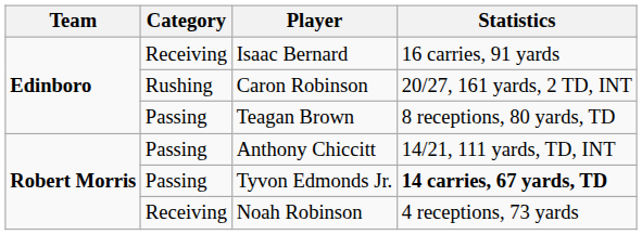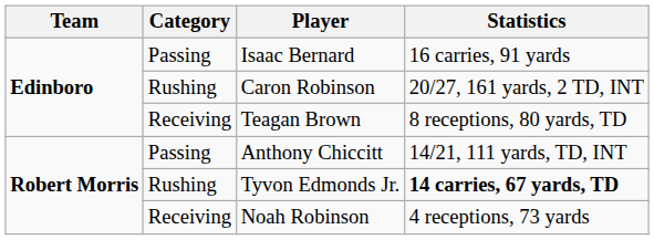 <table class="wikitable" style="float: right;">
 <tr>
 <th>Team</th>
 <th>Category</th>
 <th>Player</th>
 <th>Statistics</th>
 </tr>
 <tr>
 <td rowspan=3><strong>Edinboro</strong></td>
-<td>Receiving</td>
+<td>Passing</td>
 <td>Isaac Bernard</td>
 <td>16 carries, 91 yards</td>
 </tr>
 <tr>
 <td>Rushing</td>
 <td>Caron Robinson</td>
 <td>20/27, 161 yards, 2 TD, INT</td>
 </tr>
 <tr>
-<td>Passing</td>
+<td>Receiving</td>
 <td>Teagan Brown</td>
 <td>8 receptions, 80 yards, TD</td>
 </tr>
 <tr>
 <td rowspan=3><strong>Robert Morris</strong></td>
 <td>Passing</td>
 <td>Anthony Chiccitt</td>
 <td>14/21, 111 yards, TD, INT</td>
 </tr>
 <tr>
-<td>Passing</td>
+<td>Rushing</td>
 <td>Tyvon Edmonds Jr.</td>
 <td><strong>14 carries, 67 yards, TD</strong></td>
 </tr>
 <tr>
 <td>Receiving</td>
 <td>Noah Robinson</td>
 <td>4 receptions, 73 yards</td>
 </tr>
 </table>
